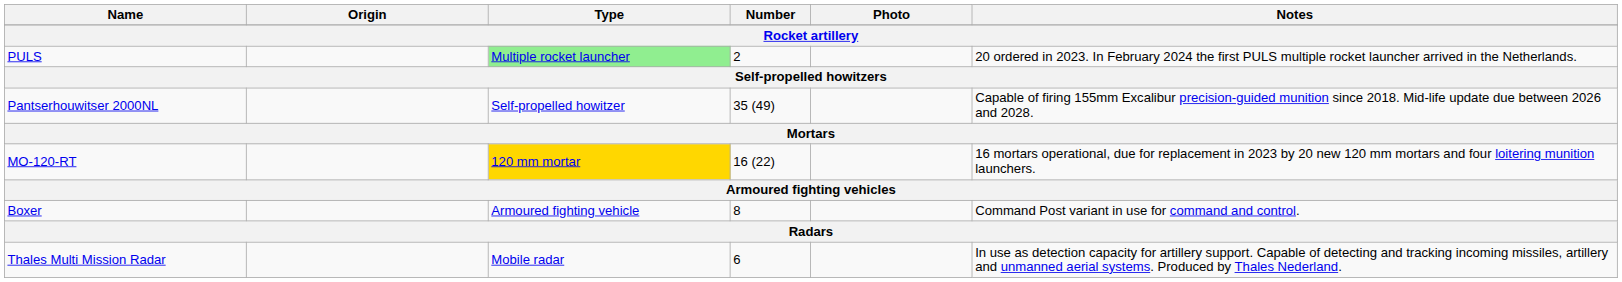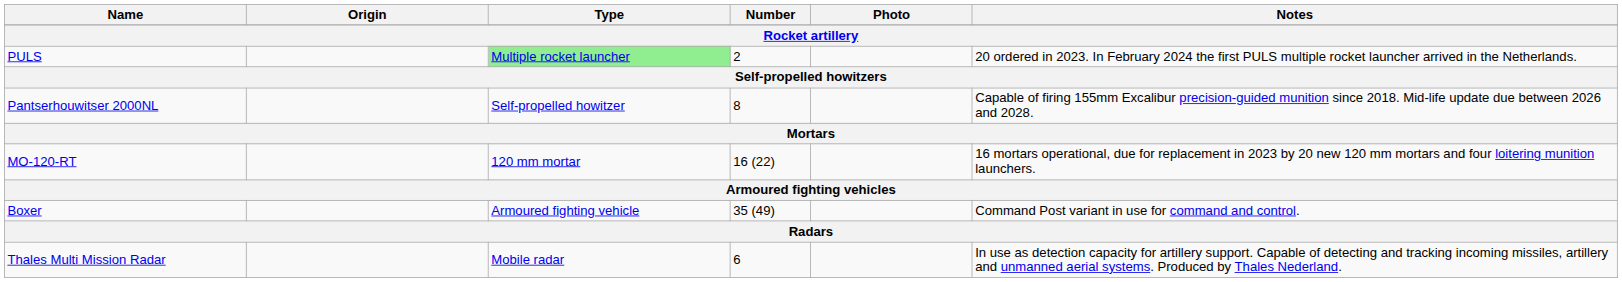 <table class="wikitable">
 <tr>
 <th scope="col" style="width: 15%;">Name</th>
 <th scope="col" style="width: 15%;">Origin</th>
 <th scope="col" style="width: 15%;">Type</th>
 <th scope="col" style="width: 5%;">Number</th>
 <th scope="col" style="width: 10%;">Photo</th>
 <th scope="col" style="width: 40%;">Notes</th>
 </tr>
 <tr>
 </tr>
 <tr>
 <th colspan="6"><a href='#'>Rocket artillery</a></th>
 </tr>
 <tr>
 <td><a href='#'>PULS</a></td>
 <td></td>
 <td style="background: lightgreen;"><a href='#'>Multiple rocket launcher</a></td>
 <td>2</td>
 <td></td>
 <td>20 ordered in 2023. In February 2024 the first PULS multiple rocket launcher arrived in the Netherlands.</td>
 </tr>
 <tr>
 <th style="align: center;" colspan="7">Self-propelled howitzers</th>
 </tr>
 <tr>
 <td><a href='#'>Pantserhouwitser 2000NL</a></td>
 <td></td>
 <td><a href='#'>Self-propelled howitzer</a></td>
-<td>35 (49)</td>
+<td>8</td>
 <td></td>
 <td>Capable of firing 155mm Excalibur <a href='#'>precision-guided munition</a> since 2018. Mid-life update due between 2026 and 2028.</td>
 </tr>
 <tr>
 <th style="align: center;" colspan="7">Mortars</th>
 </tr>
 <tr>
 <td><a href='#'>MO-120-RT</a></td>
 <td></td>
-<td style="background: gold;"><a href='#'>120 mm mortar</a></td>
+<td><a href='#'>120 mm mortar</a></td>
 <td>16 (22)</td>
 <td></td>
 <td>16 mortars operational, due for replacement in 2023 by 20 new 120 mm mortars and four <a href='#'>loitering munition</a> launchers.</td>
 </tr>
 <tr>
 <th style="align: center;" colspan="7">Armoured fighting vehicles</th>
 </tr>
 <tr>
 <td><a href='#'>Boxer</a></td>
 <td></td>
 <td><a href='#'>Armoured fighting vehicle</a></td>
-<td>8</td>
+<td>35 (49)</td>
 <td></td>
 <td>Command Post variant in use for <a href='#'>command and control</a>.</td>
 </tr>
 <tr>
 <th style="align: center;" colspan="7">Radars</th>
 </tr>
 <tr>
 <td><a href='#'>Thales Multi Mission Radar</a></td>
 <td></td>
 <td><a href='#'>Mobile radar</a></td>
 <td>6</td>
 <td></td>
 <td>In use as detection capacity for artillery support. Capable of detecting and tracking incoming missiles, artillery and <a href='#'>unmanned aerial systems</a>. Produced by <a href='#'>Thales Nederland</a>.</td>
 </tr>
 </table>
